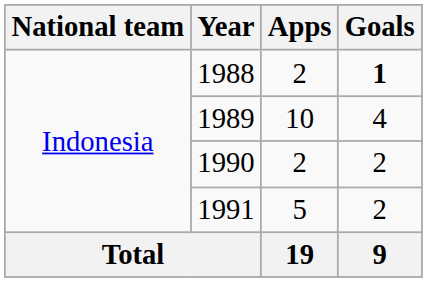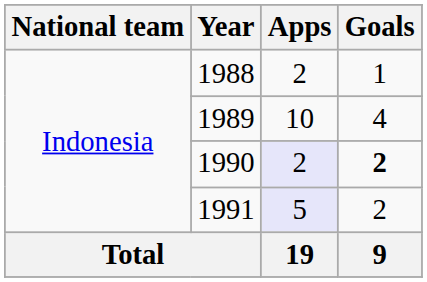 <table class="wikitable" style="text-align:center">
 <tr>
 <th>National team</th>
 <th>Year</th>
 <th>Apps</th>
 <th>Goals</th>
 </tr>
 <tr>
 <td rowspan="4"><a href='#'>Indonesia</a></td>
 <td>1988</td>
 <td>2</td>
-<td><strong>1</strong></td>
+<td>1</td>
 </tr>
 <tr>
 <td>1989</td>
 <td>10</td>
 <td>4</td>
 </tr>
 <tr>
 <td>1990</td>
-<td>2</td>
-<td>2</td>
+<td style="background: lavender;">2</td>
+<td><strong>2</strong></td>
 </tr>
 <tr>
 <td>1991</td>
-<td>5</td>
+<td style="background: lavender;">5</td>
 <td>2</td>
 </tr>
 <tr>
 <th colspan="2">Total</th>
 <th>19</th>
 <th>9</th>
 </tr>
 </table>
